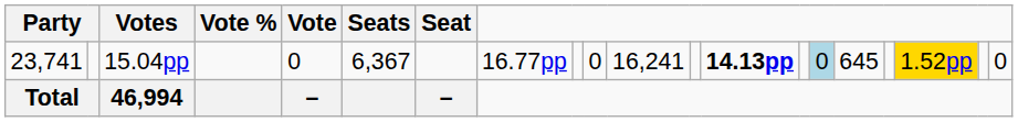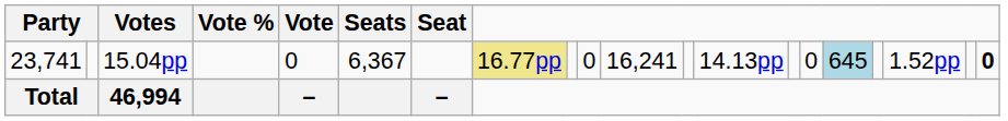 <table class=wikitable style="text-align:right;">
 <tr>
 <th colspan=2>Party</th>
 <th>Votes</th>
 <th>Vote %</th>
 <th>Vote </th>
 <th>Seats</th>
 <th>Seat </th>
 </tr>
 <tr>
 <td>23,741</td>
 <td style="text-align:center;"></td>
 <td style="text-align:left;"> 15.04<a href='#'>pp</a></td>
 <td style="text-align:center;"></td>
 <td style="text-align:left;"> 0<br></td>
 <td>6,367</td>
 <td style="text-align:center;"></td>
-<td style="text-align:left;"> 16.77<a href='#'>pp</a></td>
+<td style="background: khaki; text-align:left;"> 16.77<a href='#'>pp</a></td>
 <td style="text-align:center;"></td>
 <td style="text-align:left;"> 0<br></td>
 <td>16,241</td>
 <td style="text-align:center;"></td>
-<td style="text-align:left;"><strong> 14.13<a href='#'>pp</a></strong></td>
+<td style="text-align:left;"> 14.13<a href='#'>pp</a></td>
 <td style="text-align:center;"></td>
-<td style="background: lightblue; text-align:left;"> 0<br></td>
-<td>645</td>
+<td style="text-align:left;"> 0<br></td>
+<td style="background: lightblue;">645</td>
 <td style="text-align:center;"></td>
-<td style="background: gold; text-align:left;"> 1.52<a href='#'>pp</a></td>
+<td style="text-align:left;"> 1.52<a href='#'>pp</a></td>
 <td style="text-align:center;"></td>
-<td style="text-align:left;"> 0</td>
+<td style="text-align:left;"><strong> 0</strong></td>
 </tr>
 <tr>
 <th colspan="2">Total</th>
 <th>46,994</th>
 <th></th>
 <th>–</th>
 <th></th>
 <th>–</th>
 </tr>
 </table>
